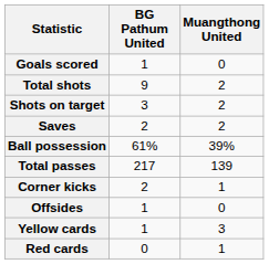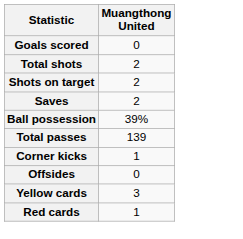 <table class="wikitable plainrowheaders" style="text-align:center">
 <tr>
 <th scope="col">Statistic</th>
-<th scope="col" style="width:80px">BG Pathum United</th>
 <th scope="col" style="width:80px">Muangthong United</th>
 </tr>
 <tr>
 <th scope=row>Goals scored</th>
-<td>1</td>
 <td>0</td>
 </tr>
 <tr>
 <th scope=row>Total shots</th>
-<td>9</td>
 <td>2</td>
 </tr>
 <tr>
 <th scope=row>Shots on target</th>
-<td>3</td>
 <td>2</td>
 </tr>
 <tr>
 <th scope=row>Saves</th>
 <td>2</td>
-<td>2</td>
 </tr>
 <tr>
 <th scope=row>Ball possession</th>
-<td>61%</td>
 <td>39%</td>
 </tr>
 <tr>
 <th scope=row>Total passes</th>
-<td>217</td>
 <td>139</td>
 </tr>
 <tr>
 <th scope=row>Corner kicks</th>
-<td>2</td>
 <td>1</td>
 </tr>
 <tr>
 <th scope=row>Offsides</th>
-<td>1</td>
 <td>0</td>
 </tr>
 <tr>
 <th scope=row>Yellow cards</th>
-<td>1</td>
 <td>3</td>
 </tr>
 <tr>
 <th scope=row>Red cards</th>
-<td>0</td>
 <td>1</td>
 </tr>
 </table>
